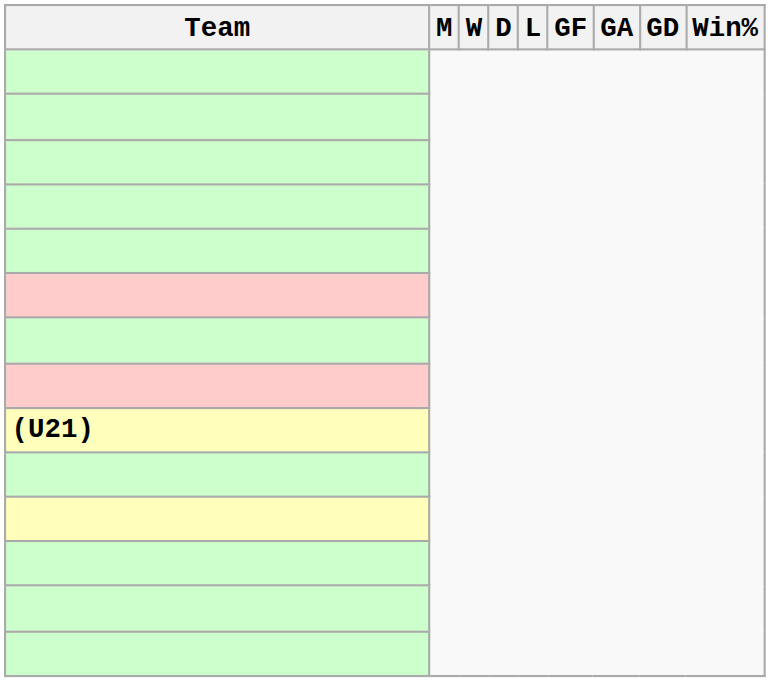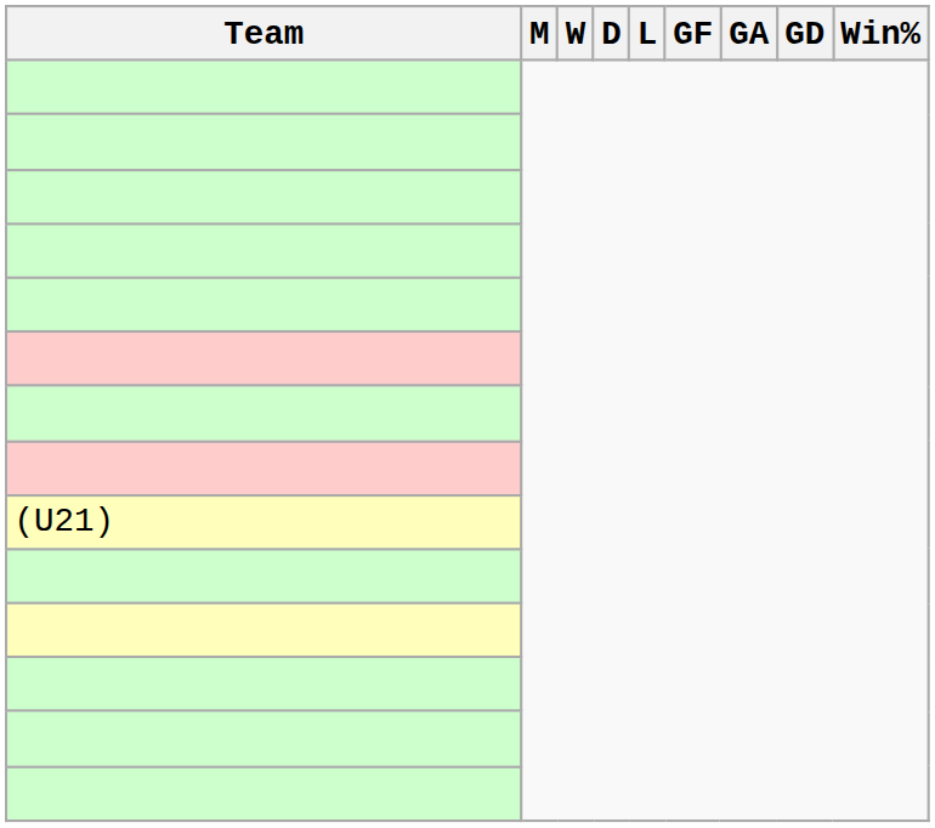 <table class="wikitable plainrowheaders sortable">
 <tr>
 <th width=195px scope="col">Team</th>
 <th scope="col">M</th>
 <th scope="col">W</th>
 <th scope="col">D</th>
 <th scope="col">L</th>
 <th scope="col">GF</th>
 <th scope="col">GA</th>
 <th scope="col">GD</th>
 <th scope="col">Win%</th>
 </tr>
 <tr style="background-color:#cfc">
 <td scope="row"><br></td>
 </tr>
 <tr style="background-color:#cfc">
 <td scope="row"><br></td>
 </tr>
 <tr style="background-color:#cfc">
 <td scope="row"><br></td>
 </tr>
 <tr style="background-color:#cfc">
 <td scope="row"><br></td>
 </tr>
 <tr style="background-color:#cfc">
 <td scope="row"><br></td>
 </tr>
 <tr style="background-color:#fcc">
 <td scope="row"><br></td>
 </tr>
 <tr style="background-color:#cfc">
 <td scope="row"><br></td>
 </tr>
 <tr style="background-color:#fcc">
 <td scope="row"><br></td>
 </tr>
 <tr style="background-color:#ffffbb">
-<td scope="row"><strong> (U21)<br></strong></td>
+<td scope="row"> (U21)<br></td>
 </tr>
 <tr style="background-color:#cfc">
 <td scope="row"><br></td>
 </tr>
 <tr style="background-color:#ffffbb">
 <td scope="row"><br></td>
 </tr>
 <tr style="background-color:#cfc">
 <td scope="row"><br></td>
 </tr>
 <tr style="background-color:#cfc">
 <td scope="row"><br></td>
 </tr>
 <tr style="background-color:#cfc">
 <td scope="row"><br></td>
 </tr>
 </table>
